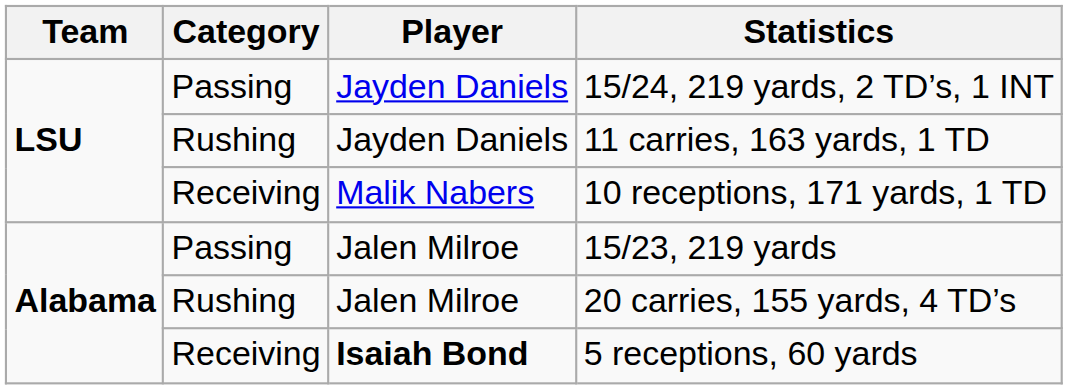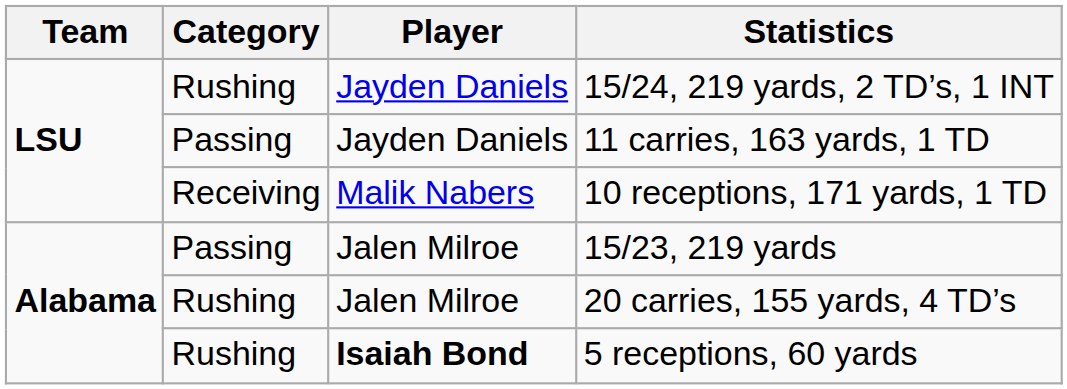 <table class="wikitable" style="float: right;">
 <tr>
 <th>Team</th>
 <th>Category</th>
 <th>Player</th>
 <th>Statistics</th>
 </tr>
 <tr>
 <td rowspan=3><strong>LSU</strong></td>
-<td>Passing</td>
+<td>Rushing</td>
 <td><a href='#'>Jayden Daniels</a></td>
 <td>15/24, 219 yards, 2 TD’s, 1 INT</td>
 </tr>
 <tr>
-<td>Rushing</td>
+<td>Passing</td>
 <td>Jayden Daniels</td>
 <td>11 carries, 163 yards, 1 TD</td>
 </tr>
 <tr>
 <td>Receiving</td>
 <td><a href='#'>Malik Nabers</a></td>
 <td>10 receptions, 171 yards, 1 TD</td>
 </tr>
 <tr>
 <td rowspan=3><strong>Alabama</strong></td>
 <td>Passing</td>
 <td>Jalen Milroe</td>
 <td>15/23, 219 yards</td>
 </tr>
 <tr>
 <td>Rushing</td>
 <td>Jalen Milroe</td>
 <td>20 carries, 155 yards, 4 TD’s</td>
 </tr>
 <tr>
-<td>Receiving</td>
+<td>Rushing</td>
 <td><strong>Isaiah Bond</strong></td>
 <td>5 receptions, 60 yards</td>
 </tr>
 </table>
